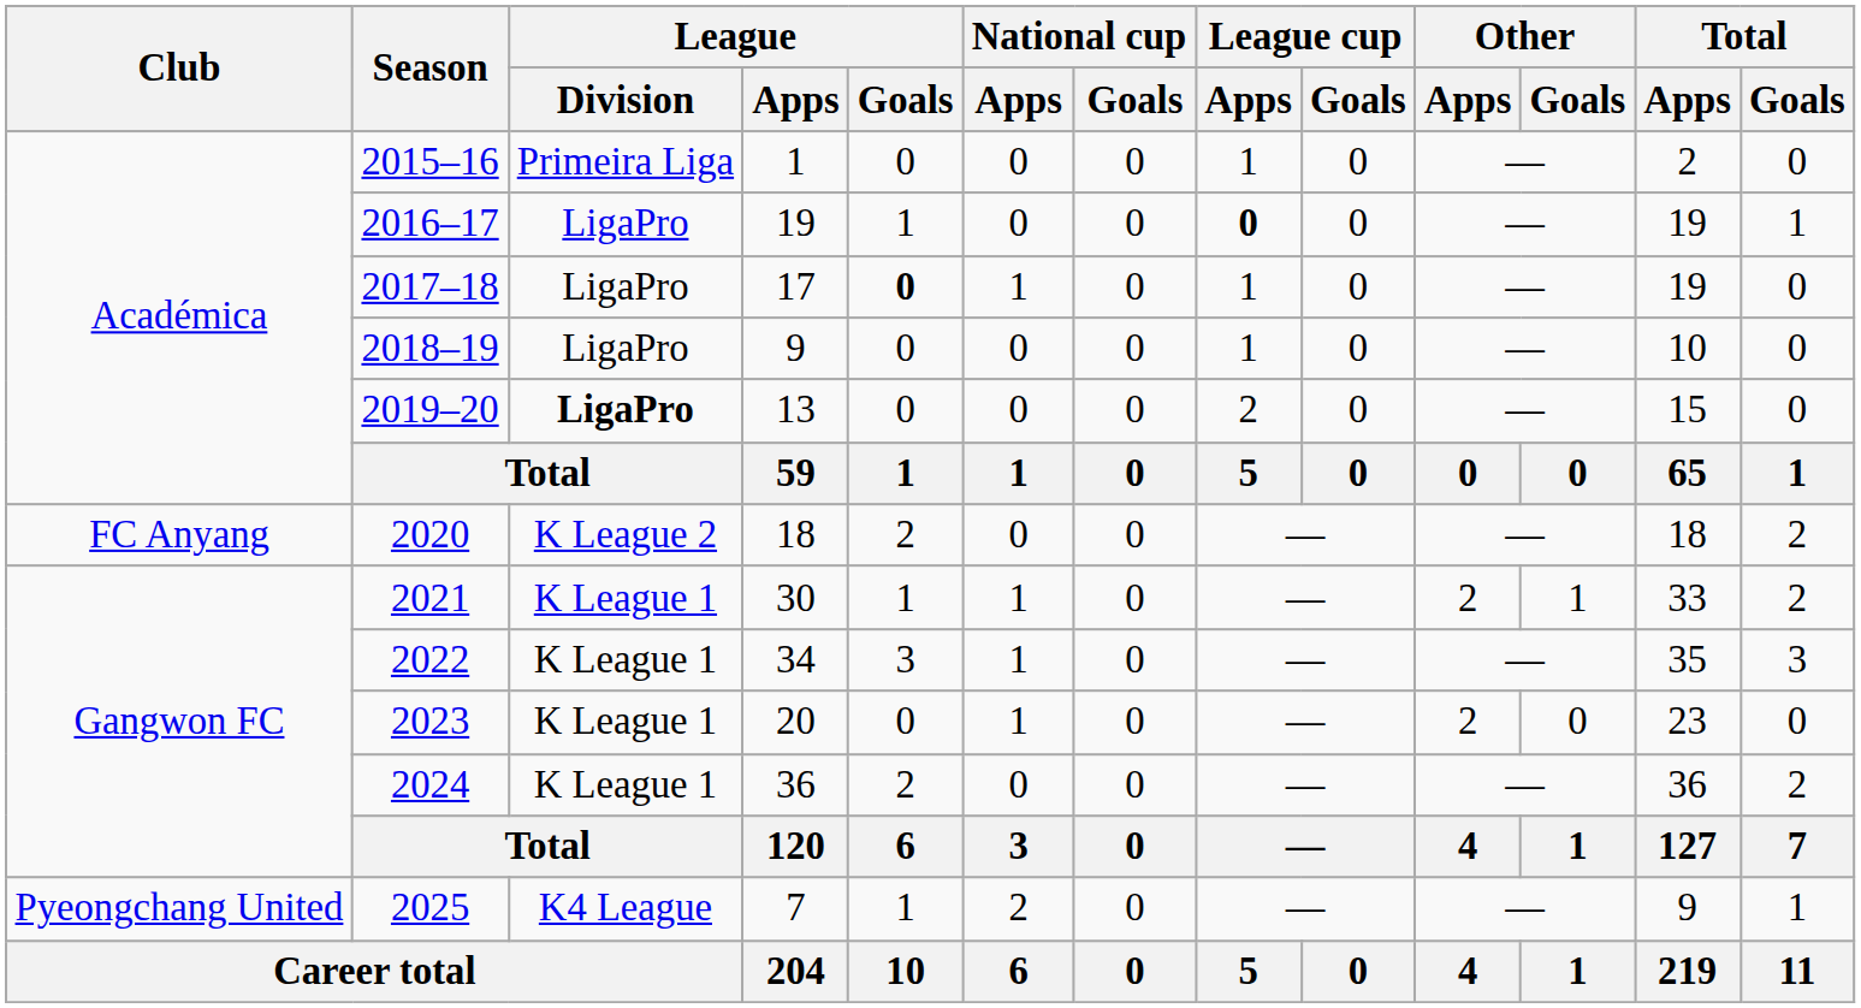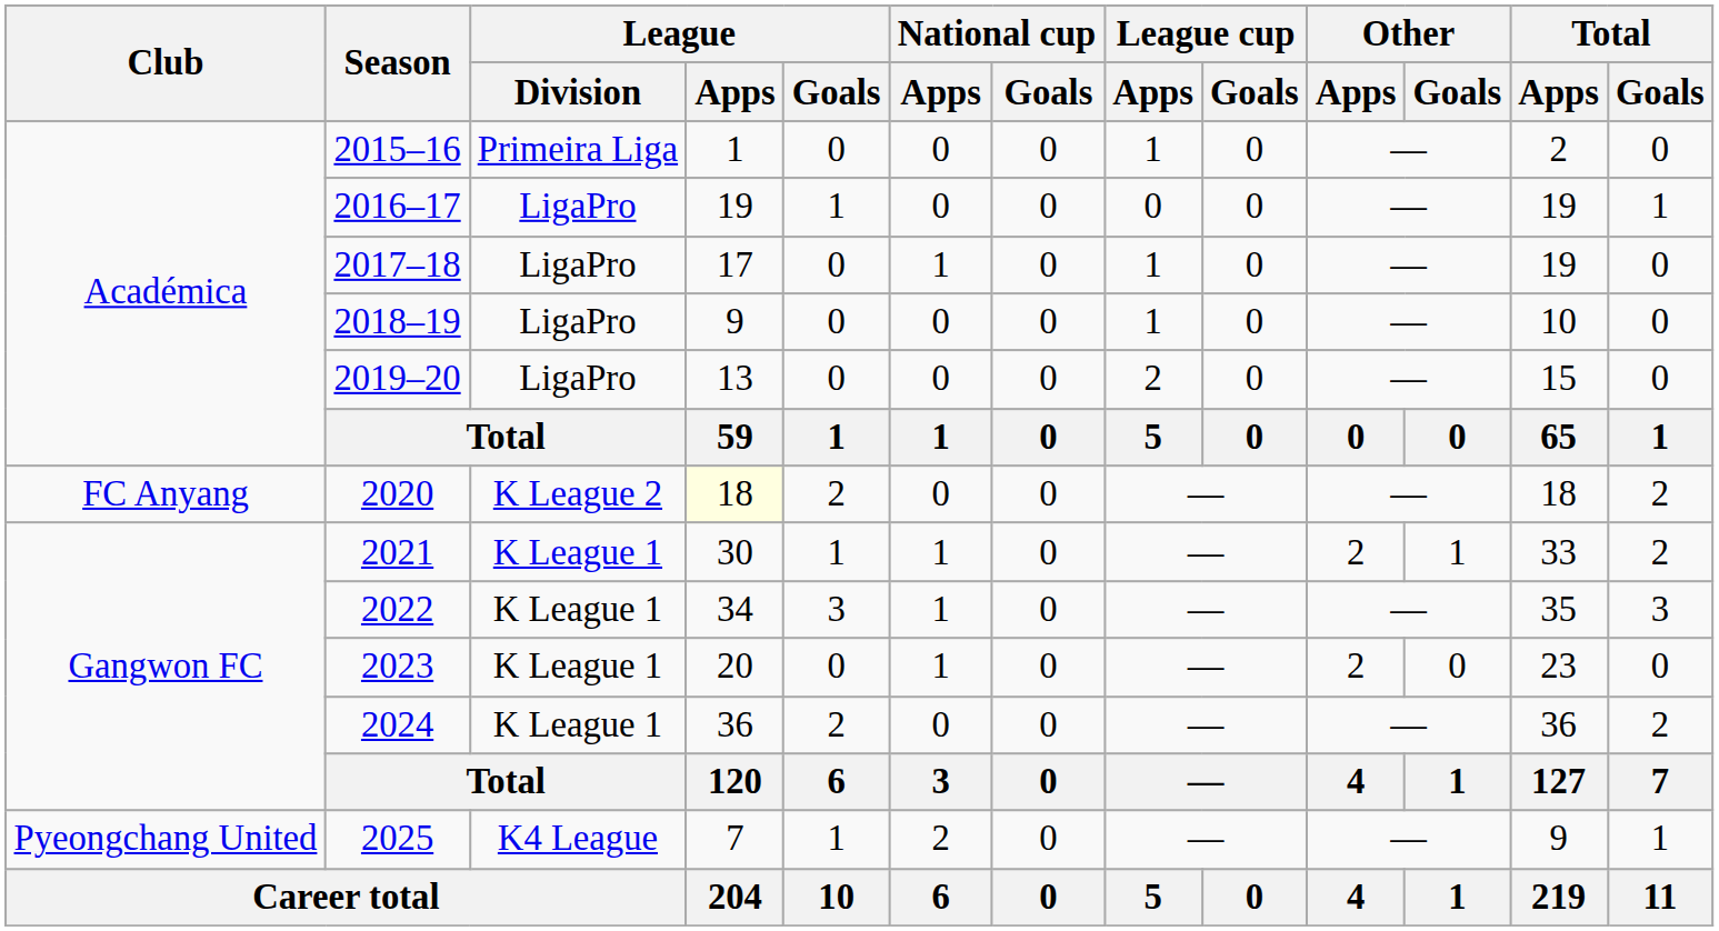 <table class="wikitable" style="text-align:center">
 <tr>
 <th rowspan="2">Club</th>
 <th rowspan="2">Season</th>
 <th colspan="3">League</th>
 <th colspan="2">National cup</th>
 <th colspan="2">League cup</th>
 <th colspan="2">Other</th>
 <th colspan="2">Total</th>
 </tr>
 <tr>
 <th>Division</th>
 <th>Apps</th>
 <th>Goals</th>
 <th>Apps</th>
 <th>Goals</th>
 <th>Apps</th>
 <th>Goals</th>
 <th>Apps</th>
 <th>Goals</th>
 <th>Apps</th>
 <th>Goals</th>
 </tr>
 <tr>
 <td rowspan="6"><a href='#'>Académica</a></td>
 <td><a href='#'>2015–16</a></td>
 <td><a href='#'>Primeira Liga</a></td>
 <td>1</td>
 <td>0</td>
 <td>0</td>
 <td>0</td>
 <td>1</td>
 <td>0</td>
 <td colspan="2">—</td>
 <td>2</td>
 <td>0</td>
 </tr>
 <tr>
 <td><a href='#'>2016–17</a></td>
 <td><a href='#'>LigaPro</a></td>
 <td>19</td>
 <td>1</td>
 <td>0</td>
 <td>0</td>
-<td><strong>0</strong></td>
+<td>0</td>
 <td>0</td>
 <td colspan="2">—</td>
 <td>19</td>
 <td>1</td>
 </tr>
 <tr>
 <td><a href='#'>2017–18</a></td>
 <td>LigaPro</td>
 <td>17</td>
-<td><strong>0</strong></td>
+<td>0</td>
 <td>1</td>
 <td>0</td>
 <td>1</td>
 <td>0</td>
 <td colspan="2">—</td>
 <td>19</td>
 <td>0</td>
 </tr>
 <tr>
 <td><a href='#'>2018–19</a></td>
 <td>LigaPro</td>
 <td>9</td>
 <td>0</td>
 <td>0</td>
 <td>0</td>
 <td>1</td>
 <td>0</td>
 <td colspan="2">—</td>
 <td>10</td>
 <td>0</td>
 </tr>
 <tr>
 <td><a href='#'>2019–20</a></td>
-<td><strong>LigaPro</strong></td>
+<td>LigaPro</td>
 <td>13</td>
 <td>0</td>
 <td>0</td>
 <td>0</td>
 <td>2</td>
 <td>0</td>
 <td colspan="2">—</td>
 <td>15</td>
 <td>0</td>
 </tr>
 <tr>
 <th colspan="2">Total</th>
 <th>59</th>
 <th>1</th>
 <th>1</th>
 <th>0</th>
 <th>5</th>
 <th>0</th>
 <th>0</th>
 <th>0</th>
 <th>65</th>
 <th>1</th>
 </tr>
 <tr>
 <td rowspan="1"><a href='#'>FC Anyang</a></td>
 <td><a href='#'>2020</a></td>
 <td><a href='#'>K League 2</a></td>
-<td>18</td>
+<td style="background: lightyellow;">18</td>
 <td>2</td>
 <td>0</td>
 <td>0</td>
 <td colspan="2">—</td>
 <td colspan="2">—</td>
 <td>18</td>
 <td>2</td>
 </tr>
 <tr>
 <td rowspan="5"><a href='#'>Gangwon FC</a></td>
 <td><a href='#'>2021</a></td>
 <td><a href='#'>K League 1</a></td>
 <td>30</td>
 <td>1</td>
 <td>1</td>
 <td>0</td>
 <td colspan="2">—</td>
 <td>2</td>
 <td>1</td>
 <td>33</td>
 <td>2</td>
 </tr>
 <tr>
 <td><a href='#'>2022</a></td>
 <td>K League 1</td>
 <td>34</td>
 <td>3</td>
 <td>1</td>
 <td>0</td>
 <td colspan="2">—</td>
 <td colspan="2">—</td>
 <td>35</td>
 <td>3</td>
 </tr>
 <tr>
 <td><a href='#'>2023</a></td>
 <td>K League 1</td>
 <td>20</td>
 <td>0</td>
 <td>1</td>
 <td>0</td>
 <td colspan="2">—</td>
 <td>2</td>
 <td>0</td>
 <td>23</td>
 <td>0</td>
 </tr>
 <tr>
 <td><a href='#'>2024</a></td>
 <td>K League 1</td>
 <td>36</td>
 <td>2</td>
 <td>0</td>
 <td>0</td>
 <td colspan="2">—</td>
 <td colspan="2">—</td>
 <td>36</td>
 <td>2</td>
 </tr>
 <tr>
 <th colspan="2">Total</th>
 <th>120</th>
 <th>6</th>
 <th>3</th>
 <th>0</th>
 <th colspan="2">—</th>
 <th>4</th>
 <th>1</th>
 <th>127</th>
 <th>7</th>
 </tr>
 <tr>
 <td rowspan="1"><a href='#'>Pyeongchang United</a></td>
 <td><a href='#'>2025</a></td>
 <td><a href='#'>K4 League</a></td>
 <td>7</td>
 <td>1</td>
 <td>2</td>
 <td>0</td>
 <td colspan="2">—</td>
 <td colspan="2">—</td>
 <td>9</td>
 <td>1</td>
 </tr>
 <tr>
 <th colspan="3">Career total</th>
 <th>204</th>
 <th>10</th>
 <th>6</th>
 <th>0</th>
 <th>5</th>
 <th>0</th>
 <th>4</th>
 <th>1</th>
 <th>219</th>
 <th>11</th>
 </tr>
 </table>
